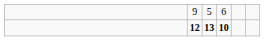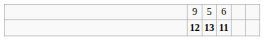 <table class="wikitable">
 <tr>
 <td style="width:18em"></td>
 <td align=center style="width:1em">9</td>
 <td align=center style="width:1em">5</td>
 <td align=center style="width:1em">6</td>
 <td align=center style="width:1em"></td>
 <td align=center style="width:1em"></td>
 </tr>
 <tr>
 <td style="width:18em"></td>
 <td align=center style="width:1em"><strong>12</strong></td>
 <td align=center style="width:1em"><strong>13</strong></td>
-<td align=center style="width:1em"><strong>10</strong></td>
+<td align=center style="width:1em"><strong>11</strong></td>
 <td align=center style="width:1em"></td>
 <td align=center style="width:1em"></td>
 </tr>
 </table>
